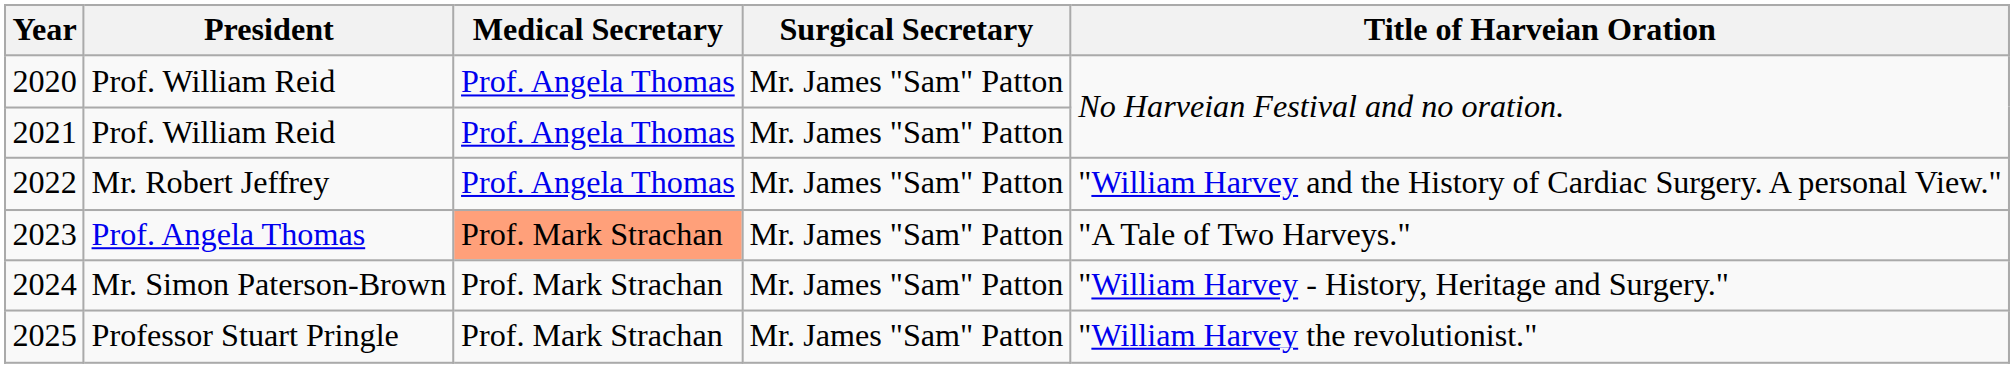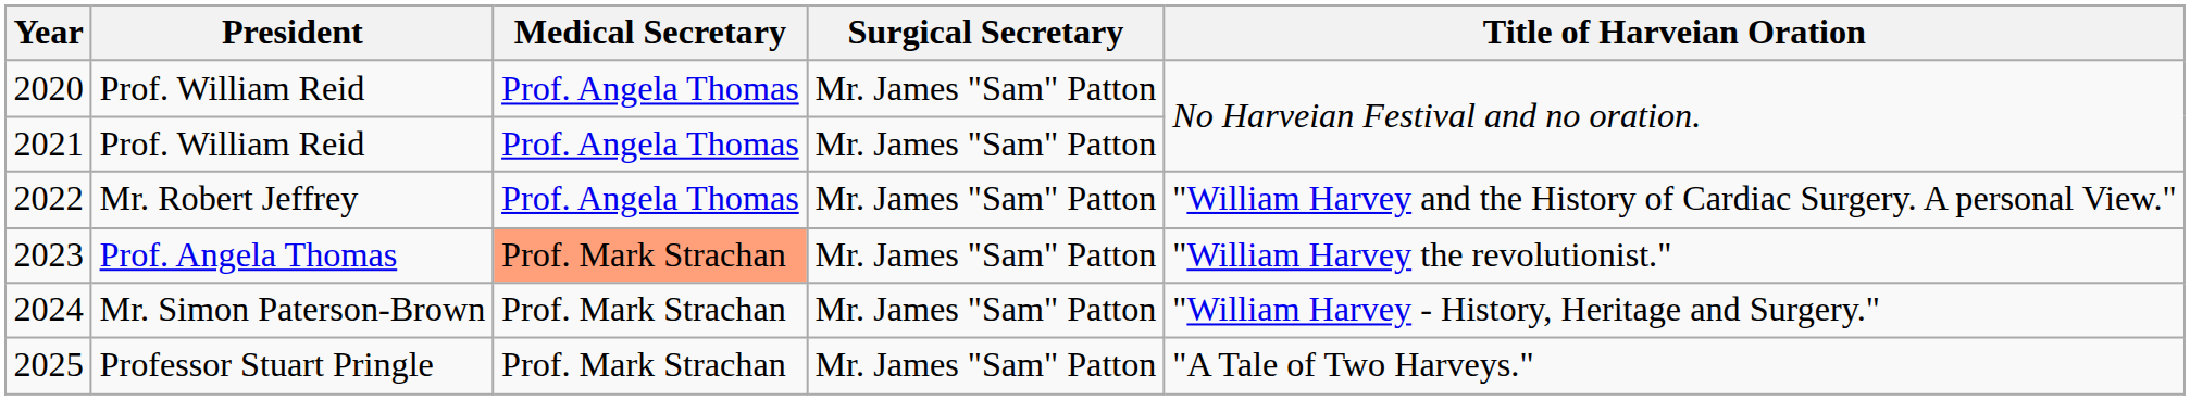 <table class="wikitable">
 <tr>
 <th>Year</th>
 <th>President</th>
 <th>Medical Secretary</th>
 <th>Surgical Secretary</th>
 <th>Title of Harveian Oration</th>
 </tr>
 <tr>
 <td>2020</td>
 <td>Prof. William Reid</td>
 <td><a href='#'>Prof. Angela Thomas</a></td>
 <td>Mr. James "Sam" Patton</td>
 <td rowspan=2><em>No Harveian Festival and no oration.</em></td>
 </tr>
 <tr>
 <td>2021</td>
 <td>Prof. William Reid</td>
 <td><a href='#'>Prof. Angela Thomas</a></td>
 <td>Mr. James "Sam" Patton</td>
 </tr>
 <tr>
 <td>2022</td>
 <td>Mr. Robert Jeffrey</td>
 <td><a href='#'>Prof. Angela Thomas</a></td>
 <td>Mr. James "Sam" Patton</td>
 <td>"<a href='#'>William Harvey</a> and the History of Cardiac Surgery. A personal View."</td>
 </tr>
 <tr>
 <td>2023</td>
 <td><a href='#'>Prof. Angela Thomas</a></td>
 <td style="background: lightsalmon;">Prof. Mark Strachan</td>
 <td>Mr. James "Sam" Patton</td>
-<td>"A Tale of Two Harveys."</td>
+<td>"<a href='#'>William Harvey</a> the revolutionist."</td>
 </tr>
 <tr>
 <td>2024</td>
 <td>Mr. Simon Paterson-Brown</td>
 <td>Prof. Mark Strachan</td>
 <td>Mr. James "Sam" Patton</td>
 <td>"<a href='#'>William Harvey</a> - History, Heritage and Surgery."</td>
 </tr>
 <tr>
 <td>2025</td>
 <td>Professor Stuart Pringle</td>
 <td>Prof. Mark Strachan</td>
 <td>Mr. James "Sam" Patton</td>
-<td>"<a href='#'>William Harvey</a> the revolutionist."</td>
+<td>"A Tale of Two Harveys."</td>
 </tr>
 </table>
